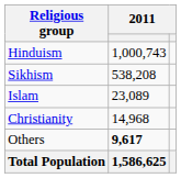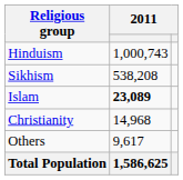 <table class="wikitable sortable">
 <tr>
 <th rowspan="2"><a href='#'>Religious</a><br>group</th>
 <th colspan="2">2011</th>
 </tr>
 <tr>
 <th><a href='#'></a></th>
 <th></th>
 </tr>
 <tr>
 <td><a href='#'>Hinduism</a> </td>
 <td>1,000,743</td>
 <td></td>
 </tr>
 <tr>
 <td><a href='#'>Sikhism</a> </td>
 <td>538,208</td>
 <td></td>
 </tr>
 <tr>
 <td><a href='#'>Islam</a> </td>
-<td>23,089</td>
+<td><strong>23,089</strong></td>
 <td></td>
 </tr>
 <tr>
 <td><a href='#'>Christianity</a> </td>
 <td>14,968</td>
 <td></td>
 </tr>
 <tr>
 <td>Others</td>
-<td><strong>9,617</strong></td>
+<td>9,617</td>
 <td></td>
 </tr>
 <tr>
 <th>Total Population</th>
 <th>1,586,625</th>
 <th></th>
 </tr>
 </table>
